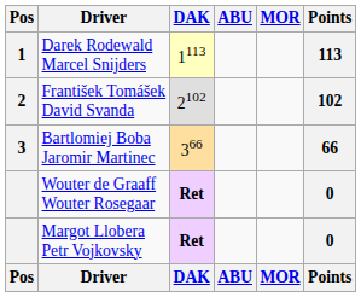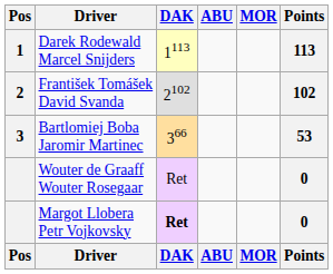 <table class="wikitable" style="font-size: 85%; text-align: center; display: inline-table;">
 <tr valign="top">
 <th valign="middle">Pos</th>
 <th valign="middle">Driver</th>
 <th><a href='#'>DAK</a><br></th>
 <th><a href='#'>ABU</a><br></th>
 <th><a href='#'>MOR</a><br></th>
 <th valign="middle">Points</th>
 </tr>
 <tr>
 <th>1</th>
 <td align=left> <a href='#'>Darek Rodewald</a><br> <a href='#'>Marcel Snijders</a></td>
 <td style="background:#ffffbf;">1<sup>113</sup></td>
 <td></td>
 <td></td>
 <th>113</th>
 </tr>
 <tr>
 <th>2</th>
 <td align=left> <a href='#'>František Tomášek</a><br> <a href='#'>David Svanda</a></td>
 <td style="background:#dfdfdf;">2<sup>102</sup></td>
 <td></td>
 <td></td>
 <th>102</th>
 </tr>
 <tr>
 <th>3</th>
 <td align=left> <a href='#'>Bartlomiej Boba</a><br> <a href='#'>Jaromir Martinec</a></td>
 <td style="background:#ffdf9f;">3<sup>66</sup></td>
 <td></td>
 <td></td>
-<th>66</th>
+<th>53</th>
 </tr>
 <tr>
 <th></th>
 <td align=left> <a href='#'>Wouter de Graaff</a><br> <a href='#'>Wouter Rosegaar</a></td>
-<td style="background:#efcfff;"><strong>Ret</strong></td>
+<td style="background:#efcfff;">Ret</td>
 <td></td>
 <td></td>
 <th>0</th>
 </tr>
 <tr>
 <th></th>
 <td align=left> <a href='#'>Margot Llobera</a><br> <a href='#'>Petr Vojkovsky</a></td>
 <td style="background:#efcfff;"><strong>Ret</strong></td>
 <td></td>
 <td></td>
 <th>0</th>
 </tr>
 <tr>
 </tr>
 <tr valign="top">
 <th valign="middle">Pos</th>
 <th valign="middle">Driver</th>
 <th><a href='#'>DAK</a><br></th>
 <th><a href='#'>ABU</a><br></th>
 <th><a href='#'>MOR</a><br></th>
 <th valign="middle">Points</th>
 </tr>
 <tr>
 </tr>
 </table>
